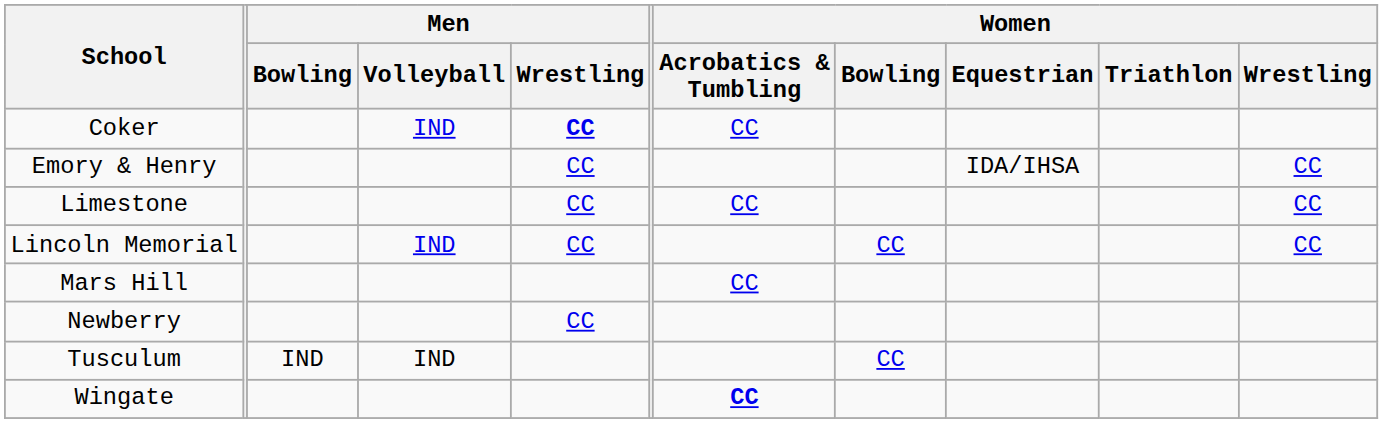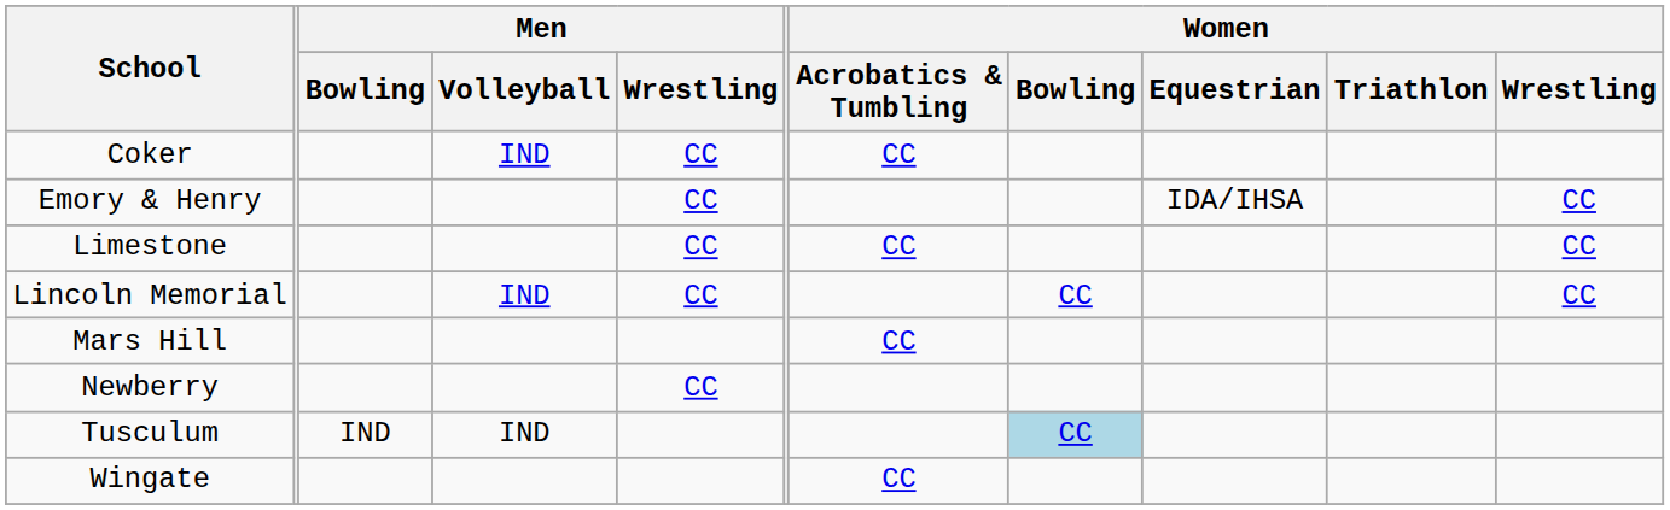 <table class="wikitable" style="text-align:center">
 <tr>
 <th rowspan=2>School</th>
 <th rowspan=13 width=1 style="padding:0"></th>
 <th colspan=3>Men</th>
 <th rowspan=13 width=1 style="padding:0"></th>
 <th colspan=6>Women</th>
 </tr>
 <tr>
 <th>Bowling</th>
 <th>Volleyball</th>
 <th>Wrestling</th>
 <th>Acrobatics &<br>Tumbling</th>
 <th>Bowling</th>
 <th>Equestrian</th>
 <th>Triathlon</th>
 <th>Wrestling</th>
 </tr>
 <tr>
 <td>Coker</td>
 <td></td>
 <td><a href='#'>IND</a></td>
-<td><strong><a href='#'>CC</a></strong></td>
+<td><a href='#'>CC</a></td>
 <td><a href='#'>CC</a></td>
 <td></td>
 <td></td>
 <td></td>
 <td></td>
 </tr>
 <tr>
 <td>Emory & Henry</td>
 <td></td>
 <td></td>
 <td><a href='#'>CC</a></td>
 <td></td>
 <td></td>
 <td>IDA/IHSA</td>
 <td></td>
 <td><a href='#'>CC</a></td>
 </tr>
 <tr>
 <td>Limestone</td>
 <td></td>
 <td></td>
 <td><a href='#'>CC</a></td>
 <td><a href='#'>CC</a></td>
 <td></td>
 <td></td>
 <td></td>
 <td><a href='#'>CC</a></td>
 </tr>
 <tr>
 <td>Lincoln Memorial</td>
 <td></td>
 <td><a href='#'>IND</a></td>
 <td><a href='#'>CC</a></td>
 <td></td>
 <td><a href='#'>CC</a></td>
 <td></td>
 <td></td>
 <td><a href='#'>CC</a></td>
 </tr>
 <tr>
 <td>Mars Hill</td>
 <td></td>
 <td></td>
 <td></td>
 <td><a href='#'>CC</a></td>
 <td></td>
 <td></td>
 <td></td>
 <td></td>
 </tr>
 <tr>
 <td>Newberry</td>
 <td></td>
 <td></td>
 <td><a href='#'>CC</a></td>
 <td></td>
 <td></td>
 <td></td>
 <td></td>
 <td></td>
 </tr>
 <tr>
 <td>Tusculum</td>
 <td>IND</td>
 <td>IND</td>
 <td></td>
 <td></td>
-<td><a href='#'>CC</a></td>
+<td style="background: lightblue;"><a href='#'>CC</a></td>
 <td></td>
 <td></td>
 <td></td>
 </tr>
 <tr>
 <td>Wingate</td>
 <td></td>
 <td></td>
 <td></td>
-<td><strong><a href='#'>CC</a></strong></td>
+<td><a href='#'>CC</a></td>
 <td></td>
 <td></td>
 <td></td>
 <td></td>
 </tr>
 </table>
